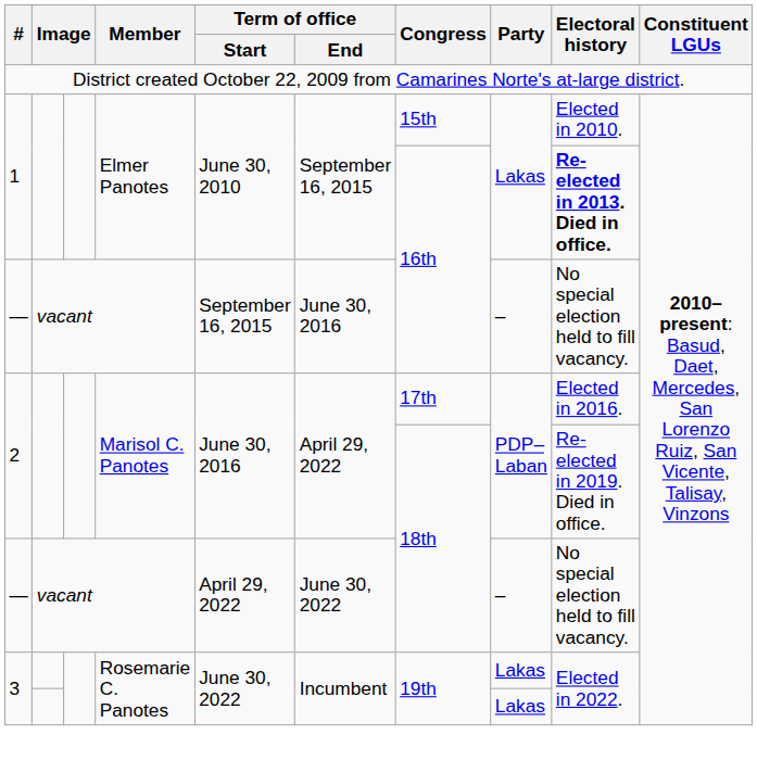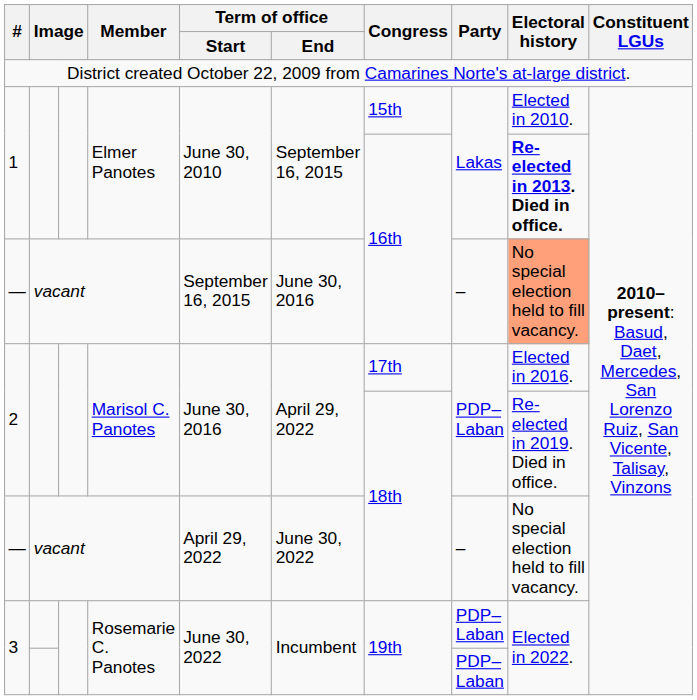 <table class="wikitable">
 <tr>
 <th rowspan="2">#</th>
 <th colspan="2" rowspan="2">Image</th>
 <th rowspan="2">Member</th>
 <th colspan="2">Term of office</th>
 <th rowspan="2">Congress</th>
 <th rowspan="2">Party</th>
 <th rowspan="2">Electoral history</th>
 <th rowspan="2" width="33%">Constituent<br><a href='#'>LGUs</a></th>
 </tr>
 <tr>
 <th>Start</th>
 <th>End</th>
 </tr>
 <tr>
 <td colspan="10" style="text-align:center;">District created October 22, 2009 from <a href='#'>Camarines Norte's at-large district</a>.</td>
 </tr>
 <tr>
 <td rowspan=2>1</td>
 <td rowspan=2 style="color:inherit;background:"></td>
 <td rowspan=2></td>
 <td rowspan=2>Elmer Panotes</td>
 <td rowspan=2>June 30, 2010</td>
 <td rowspan=2>September 16, 2015</td>
 <td><a href='#'>15th</a></td>
 <td rowspan=2><a href='#'>Lakas</a></td>
 <td><a href='#'>Elected in 2010</a>.</td>
 <td rowspan="69" align="center"><strong>2010–present</strong>:<br><a href='#'>Basud</a>, <a href='#'>Daet</a>, <a href='#'>Mercedes</a>, <a href='#'>San Lorenzo Ruiz</a>, <a href='#'>San Vicente</a>, <a href='#'>Talisay</a>, <a href='#'>Vinzons</a></td>
 </tr>
 <tr>
 <td rowspan="2"><a href='#'>16th</a></td>
 <td><strong><a href='#'>Re-elected in 2013</a>.<br>Died in office.</strong></td>
 </tr>
 <tr>
 <td style="text-align:center;">—</td>
 <td colspan=3><em>vacant</em></td>
 <td>September 16, 2015</td>
 <td>June 30, 2016</td>
 <td>–</td>
-<td>No special election held to fill vacancy.</td>
+<td style="background: lightsalmon;">No special election held to fill vacancy.</td>
 </tr>
 <tr>
 <td rowspan=2>2</td>
 <td rowspan=2 style="color:inherit;background:"></td>
 <td rowspan=2></td>
 <td rowspan=2><a href='#'>Marisol C. Panotes</a></td>
 <td rowspan=2>June 30, 2016</td>
 <td rowspan=2>April 29, 2022</td>
 <td><a href='#'>17th</a></td>
 <td rowspan=2><a href='#'>PDP–Laban</a></td>
 <td><a href='#'>Elected in 2016</a>.<br></td>
 </tr>
 <tr>
 <td rowspan="2"><a href='#'>18th</a></td>
 <td><a href='#'>Re-elected in 2019</a>.<br>Died in office.</td>
 </tr>
 <tr>
 <td style="text-align:center;">—</td>
 <td colspan=3><em>vacant</em></td>
 <td>April 29, 2022</td>
 <td>June 30, 2022</td>
 <td>–</td>
 <td>No special election held to fill vacancy.</td>
 </tr>
 <tr>
 <td rowspan="2">3</td>
 <td style="color:inherit;background:"></td>
 <td rowspan="2"></td>
 <td rowspan="2">Rosemarie C. Panotes</td>
 <td rowspan="2">June 30, 2022</td>
 <td rowspan="2">Incumbent</td>
 <td rowspan="2"><a href='#'>19th</a></td>
-<td><a href='#'>Lakas</a></td>
+<td><a href='#'>PDP–Laban</a></td>
 <td rowspan="2"><a href='#'>Elected in 2022</a>.</td>
 </tr>
 <tr>
 <td style="color:inherit;background:"></td>
-<td><a href='#'>Lakas</a></td>
+<td><a href='#'>PDP–Laban</a></td>
 </tr>
 </table>
